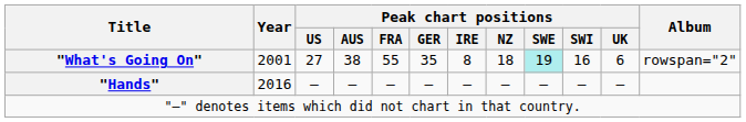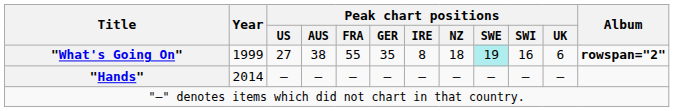 <table class="wikitable plainrowheaders" style="text-align:center;">
 <tr>
 <th scope="col" rowspan="2" style="width:17em;">Title</th>
 <th scope="col" rowspan="2" style="width:1em;">Year</th>
 <th scope="col" colspan="9">Peak chart positions</th>
 <th scope="col" rowspan="2">Album</th>
 </tr>
 <tr>
 <th scope="col" style="width:2.5em; font-size:90%;">US<br></th>
 <th scope="col" style="width:2.5em; font-size:90%;">AUS<br></th>
 <th scope="col" style="width:2.5em; font-size:90%;">FRA<br></th>
 <th scope="col" style="width:2.5em; font-size:90%;">GER<br></th>
 <th scope="col" style="width:2.5em; font-size:90%;">IRE<br></th>
 <th scope="col" style="width:2.5em; font-size:90%;">NZ<br></th>
 <th scope="col" style="width:2.5em; font-size:90%;">SWE<br></th>
 <th scope="col" style="width:2.5em; font-size:90%;">SWI<br></th>
 <th scope="col" style="width:2.5em; font-size:90%;">UK<br></th>
 </tr>
 <tr>
 <th scope="row">"<a href='#'>What's Going On</a>"<br></th>
-<td>2001</td>
+<td>1999</td>
 <td>27</td>
 <td>38</td>
 <td>55</td>
 <td>35</td>
 <td>8</td>
 <td>18</td>
 <td style="background: paleturquoise;">19</td>
 <td>16</td>
 <td>6</td>
-<td>rowspan="2" </td>
+<td><strong>rowspan="2" </strong></td>
 </tr>
 <tr>
 <th scope="row">"<a href='#'>Hands</a>"<br></th>
-<td>2016</td>
+<td>2014</td>
 <td>—</td>
 <td>—</td>
 <td>—</td>
 <td>—</td>
 <td>—</td>
 <td>—</td>
 <td>—</td>
 <td>—</td>
 <td>—</td>
 </tr>
 <tr>
 <td colspan="15" style="font-size:90%">"—" denotes items which did not chart in that country.</td>
 </tr>
 </table>
